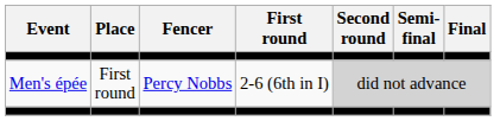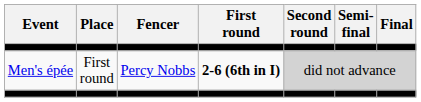 <table class=wikitable>
 <tr>
 <th>Event</th>
 <th>Place</th>
 <th>Fencer</th>
 <th>First <br> round</th>
 <th>Second <br> round</th>
 <th>Semi-<br>final</th>
 <th>Final</th>
 </tr>
 <tr bgcolor=black>
 <td></td>
 <td></td>
 <td></td>
 <td></td>
 <td></td>
 <td></td>
 <td></td>
 </tr>
 <tr align=center>
 <td align=left><a href='#'>Men's épée</a></td>
 <td>First <br> round</td>
 <td align=left><a href='#'>Percy Nobbs</a></td>
-<td>2-6 (6th in I)</td>
+<td><strong>2-6 (6th in I)</strong></td>
 <td colspan=3 bgcolor=lightgray>did not advance</td>
 </tr>
 <tr bgcolor=black>
 <td></td>
 <td></td>
 <td></td>
 <td></td>
 <td></td>
 <td></td>
 <td></td>
 </tr>
 </table>
